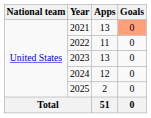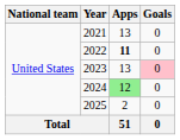 <table class="wikitable" style="text-align:center">
 <tr>
 <th>National team</th>
 <th>Year</th>
 <th>Apps</th>
 <th>Goals</th>
 </tr>
 <tr>
 <td rowspan="5"><a href='#'>United States</a></td>
 <td>2021</td>
 <td>13</td>
-<td style="background: lightsalmon;">0</td>
+<td>0</td>
 </tr>
 <tr>
 <td>2022</td>
-<td>11</td>
+<td><strong>11</strong></td>
 <td>0</td>
 </tr>
 <tr>
 <td>2023</td>
 <td>13</td>
-<td>0</td>
+<td style="background: pink;">0</td>
 </tr>
 <tr>
 <td>2024</td>
-<td>12</td>
+<td style="background: lightgreen;">12</td>
 <td>0</td>
 </tr>
 <tr>
 <td>2025</td>
 <td>2</td>
 <td>0</td>
 </tr>
 <tr>
 <th colspan="2">Total</th>
 <th>51</th>
 <th>0</th>
 </tr>
 </table>
